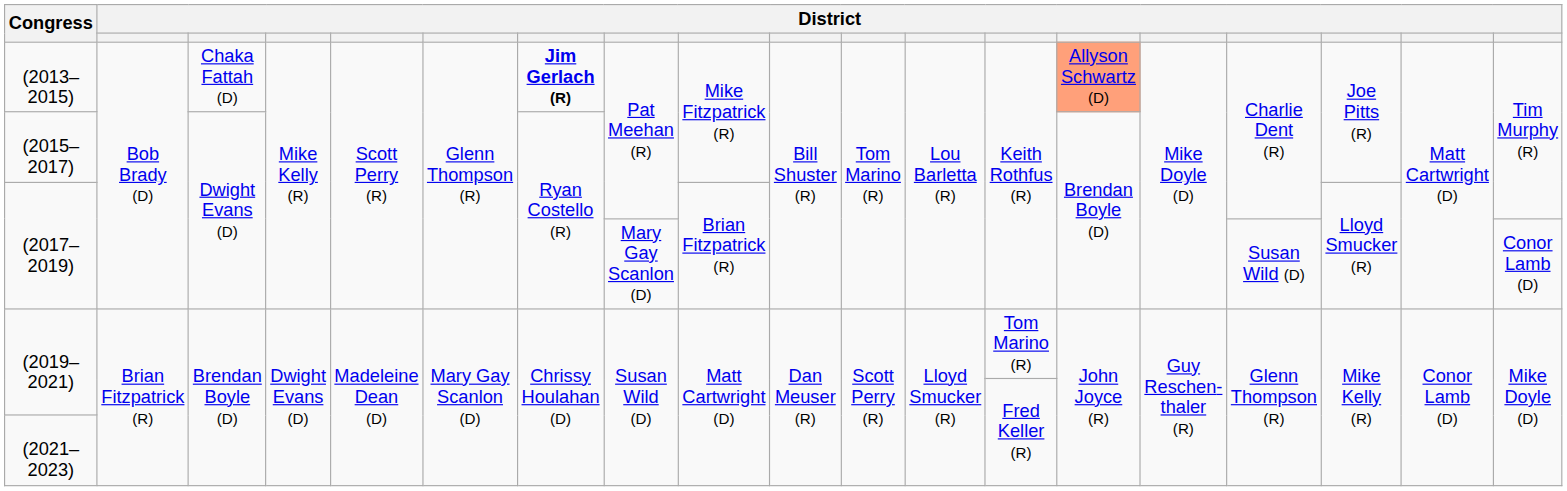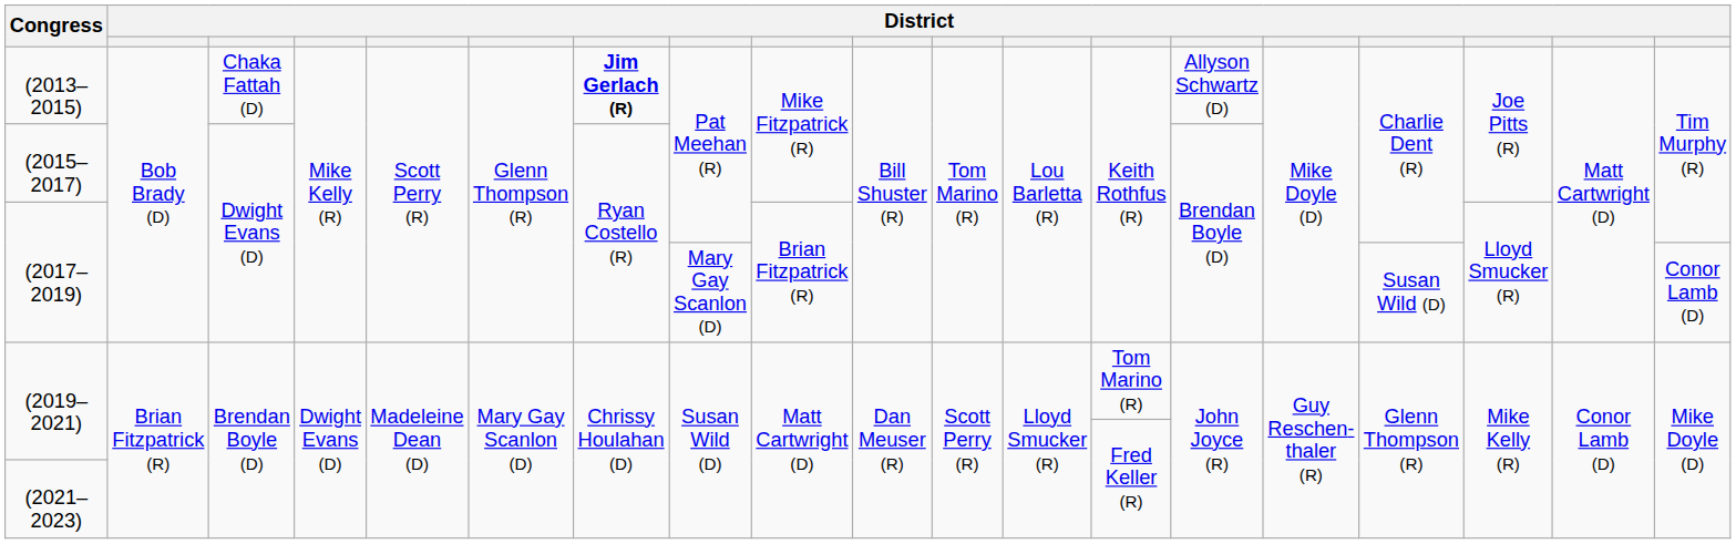 <table class=wikitable style="text-align:center">
 <tr>
 <th rowspan=2>Congress</th>
 <th colspan=18>District</th>
 </tr>
 <tr>
 <th></th>
 <th></th>
 <th></th>
 <th></th>
 <th></th>
 <th></th>
 <th></th>
 <th></th>
 <th></th>
 <th></th>
 <th></th>
 <th></th>
 <th></th>
 <th></th>
 <th></th>
 <th></th>
 <th></th>
 <th></th>
 </tr>
 <tr style="height:3em">
 <td><strong></strong><br>(2013–2015)</td>
 <td rowspan=4 ><a href='#'>Bob<br>Brady</a><br><small>(D)</small></td>
 <td><a href='#'>Chaka<br>Fattah</a> <small>(D)</small></td>
 <td rowspan=4 ><a href='#'>Mike<br>Kelly</a><br><small>(R)</small></td>
 <td rowspan=4 ><a href='#'>Scott<br>Perry</a><br><small>(R)</small></td>
 <td rowspan=4 ><a href='#'>Glenn<br>Thompson</a><br><small>(R)</small></td>
 <td><strong><a href='#'>Jim<br>Gerlach</a> <small>(R)</small></strong></td>
 <td rowspan=3 ><a href='#'>Pat<br>Meehan</a><br><small>(R)</small></td>
 <td rowspan=2 ><a href='#'>Mike<br>Fitzpatrick</a><br><small>(R)</small></td>
 <td rowspan=4 ><a href='#'>Bill<br>Shuster</a><br><small>(R)</small></td>
 <td rowspan=4 ><a href='#'>Tom<br>Marino</a><br><small>(R)</small></td>
 <td rowspan=4 ><a href='#'>Lou<br>Barletta</a><br><small>(R)</small></td>
 <td rowspan=4 ><a href='#'>Keith<br>Rothfus</a><br><small>(R)</small></td>
-<td style="background: lightsalmon;"><a href='#'>Allyson<br>Schwartz</a><br><small>(D)</small></td>
+<td><a href='#'>Allyson<br>Schwartz</a><br><small>(D)</small></td>
 <td rowspan=4 ><a href='#'>Mike<br>Doyle</a><br><small>(D)</small></td>
 <td rowspan=3 ><a href='#'>Charlie<br>Dent</a><br><small>(R)</small></td>
 <td rowspan=2 ><a href='#'>Joe<br>Pitts</a><br><small>(R)</small></td>
 <td rowspan=4 ><a href='#'>Matt<br>Cartwright</a><br><small>(D)</small></td>
 <td rowspan=3 ><a href='#'>Tim<br>Murphy</a><br><small>(R)</small></td>
 </tr>
 <tr style="height:3em">
 <td><strong></strong><br>(2015–2017)</td>
 <td rowspan=3 ><a href='#'>Dwight<br>Evans</a><br><small>(D)</small></td>
 <td rowspan=3 ><a href='#'>Ryan<br>Costello</a><br><small>(R)</small></td>
 <td rowspan=3 ><a href='#'>Brendan<br>Boyle</a><br><small>(D)</small></td>
 </tr>
 <tr style="height:2em">
 <td rowspan=2><strong></strong><br>(2017–2019)</td>
 <td rowspan=2  ><a href='#'>Brian<br>Fitzpatrick</a><br><small>(R)</small></td>
 <td rowspan=2 ><a href='#'>Lloyd<br>Smucker</a><br><small>(R)</small></td>
 </tr>
 <tr style="height:3em">
 <td><a href='#'>Mary Gay<br>Scanlon</a>  <small>(D)</small></td>
 <td><a href='#'>Susan<br>Wild</a>  <small>(D)</small></td>
 <td><a href='#'>Conor<br>Lamb</a> <small>(D)</small></td>
 </tr>
 <tr style="height:3em">
 <td rowspan=2><strong></strong><br>(2019–2021)</td>
 <td rowspan=3  ><a href='#'>Brian<br>Fitzpatrick</a><br><small>(R)</small></td>
 <td rowspan=3  ><a href='#'>Brendan<br>Boyle</a><br><small>(D)</small></td>
 <td rowspan=3  ><a href='#'>Dwight<br>Evans</a><br><small>(D)</small></td>
 <td rowspan=3  ><a href='#'>Madeleine<br>Dean</a><br><small>(D)</small></td>
 <td rowspan=3  ><a href='#'>Mary Gay<br>Scanlon</a><br><small>(D)</small></td>
 <td rowspan=3  ><a href='#'>Chrissy<br>Houlahan</a><br><small>(D)</small></td>
 <td rowspan=3  ><a href='#'>Susan<br>Wild</a><br><small>(D)</small></td>
 <td rowspan=3  ><a href='#'>Matt<br>Cartwright</a><br><small>(D)</small></td>
 <td rowspan=3  ><a href='#'>Dan<br>Meuser</a><br><small>(R)</small></td>
 <td rowspan=3  ><a href='#'>Scott<br>Perry</a><br><small>(R)</small></td>
 <td rowspan=3  ><a href='#'>Lloyd<br>Smucker</a><br><small>(R)</small></td>
 <td><a href='#'>Tom<br>Marino</a> <small>(R)</small></td>
 <td rowspan=3  ><a href='#'>John<br>Joyce</a><br><small>(R)</small></td>
 <td rowspan=3  ><a href='#'>Guy<br>Reschen­thaler</a><br><small>(R)</small></td>
 <td rowspan=3  ><a href='#'>Glenn<br>Thompson</a><br><small>(R)</small></td>
 <td rowspan=3  ><a href='#'>Mike<br>Kelly</a><br><small>(R)</small></td>
 <td rowspan=3  ><a href='#'>Conor<br>Lamb</a><br><small>(D)</small></td>
 <td rowspan=3  ><a href='#'>Mike<br>Doyle</a><br><small>(D)</small></td>
 </tr>
 <tr style="height:2em">
 <td rowspan=2  ><a href='#'>Fred<br>Keller</a> <small>(R)</small></td>
 </tr>
 <tr style="height:3em">
 <td><strong></strong><br>(2021–2023)</td>
 </tr>
 </table>
